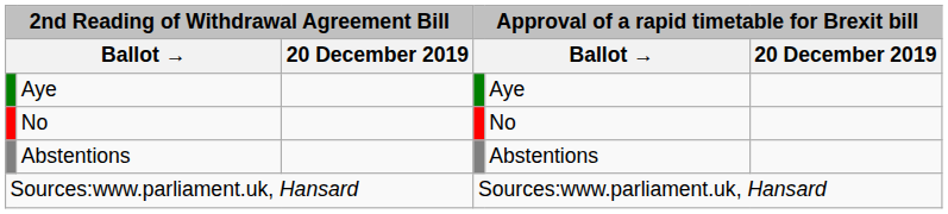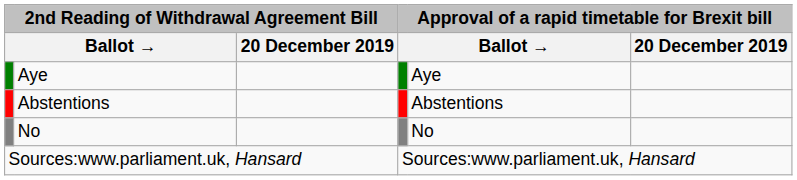 <table class="wikitable" style="text-align:center; font-size:98%;">
 <tr>
 <td colspan="3"  style="text-align:center; background:silver;"><strong>2nd Reading of Withdrawal Agreement Bill</strong></td>
 <td colspan="3"  style="text-align:center; background:silver;"><strong>Approval of a rapid timetable for Brexit bill</strong></td>
 </tr>
 <tr>
 <th colspan="2" style="width:200px;">Ballot →</th>
 <th>20 December 2019</th>
 <th colspan="2" style="width:200px;">Ballot →</th>
 <th>20 December 2019</th>
 </tr>
 <tr>
 <th style="width:1px; background:green;"></th>
 <td style="text-align:left;">Aye</td>
 <td></td>
 <th style="width:1px; background:green;"></th>
 <td style="text-align:left;">Aye</td>
 <td></td>
 </tr>
 <tr>
 <th style="background:red;"></th>
-<td style="text-align:left;">No</td>
+<td style="text-align:left;">Abstentions</td>
 <td></td>
 <th style="background:red;"></th>
-<td style="text-align:left;">No</td>
+<td style="text-align:left;">Abstentions</td>
 <td></td>
 </tr>
 <tr>
 <th style="background:gray;"></th>
-<td style="text-align:left;">Abstentions</td>
+<td style="text-align:left;">No</td>
 <td></td>
 <th style="background:gray;"></th>
-<td style="text-align:left;">Abstentions</td>
+<td style="text-align:left;">No</td>
 <td></td>
 </tr>
 <tr>
 <td colspan="3" style="text-align:left;">Sources:www.parliament.uk, <em>Hansard</em></td>
 <td colspan="3" style="text-align:left;">Sources:www.parliament.uk, <em>Hansard</em></td>
 </tr>
 </table>
